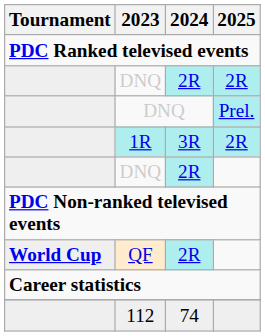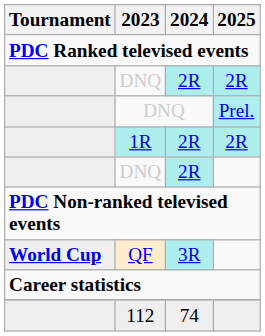 <table class="wikitable" style="width:20%; margin:0">
 <tr>
 <th>Tournament</th>
 <th>2023</th>
 <th>2024</th>
 <th>2025</th>
 </tr>
 <tr>
 <td colspan="20" style="text-align:left"><strong><a href='#'>PDC</a> Ranked televised events</strong></td>
 </tr>
 <tr>
 <td style="background:#efefef;"></td>
 <td style="text-align:center; color:#ccc;">DNQ</td>
 <td style="text-align:center; background:#afeeee;"><a href='#'>2R</a></td>
 <td style="text-align:center; background:#afeeee;"><a href='#'>2R</a></td>
 </tr>
 <tr>
 <td style="background:#efefef;"></td>
 <td colspan="2" style="text-align:center; color:#ccc;">DNQ</td>
 <td style="text-align:center; background:#afeeee;"><a href='#'>Prel.</a></td>
 </tr>
 <tr>
 <td style="background:#efefef;"></td>
 <td style="text-align:center; background:#afeeee;"><a href='#'>1R</a></td>
-<td style="text-align:center; background:#afeeee;"><a href='#'>3R</a></td>
+<td style="text-align:center; background:#afeeee;"><a href='#'>2R</a></td>
 <td style="text-align:center; background:#afeeee;"><a href='#'>2R</a></td>
 </tr>
 <tr>
 <td style="background:#efefef;"></td>
 <td style="text-align:center; color:#ccc;">DNQ</td>
 <td style="text-align:center; background:#afeeee;"><a href='#'>2R</a></td>
 <td></td>
 </tr>
 <tr>
 <td colspan="20" align="left"><strong><a href='#'>PDC</a> Non-ranked televised events</strong></td>
 </tr>
 <tr>
 <td style="background:#efefef;"><strong><a href='#'>World Cup</a></strong></td>
 <td style="text-align:center; background:#ffebcd;"><a href='#'>QF</a></td>
-<td style="text-align:center; background:#afeeee;"><a href='#'>2R</a></td>
+<td style="text-align:center; background:#afeeee;"><a href='#'>3R</a></td>
 <td></td>
 </tr>
 <tr>
 <td colspan="20" style="text-align:left"><strong>Career statistics</strong></td>
 </tr>
 <tr>
 </tr>
 <tr style="background:#efefef">
 <td style="text-align:left"></td>
 <td style="text-align:center;">112</td>
 <td style="text-align:center;">74</td>
 <td style="text-align:center;"></td>
 </tr>
 </table>
